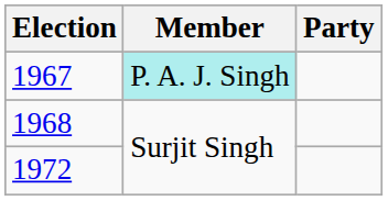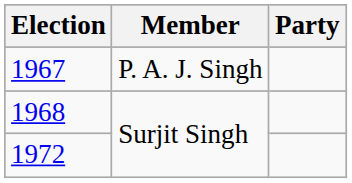 <table class="wikitable sortable">
 <tr>
 <th>Election</th>
 <th>Member</th>
 <th colspan=2>Party</th>
 </tr>
 <tr>
 <td><a href='#'>1967</a></td>
-<td style="background: paleturquoise;">P. A. J. Singh</td>
+<td>P. A. J. Singh</td>
 <td></td>
 </tr>
 <tr>
 <td><a href='#'>1968</a></td>
 <td rowspan=2>Surjit Singh</td>
 <td></td>
 </tr>
 <tr>
 <td><a href='#'>1972</a></td>
 </tr>
 </table>
